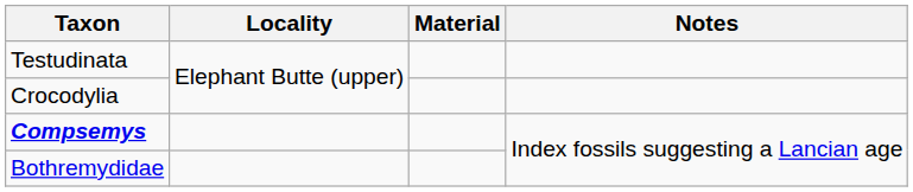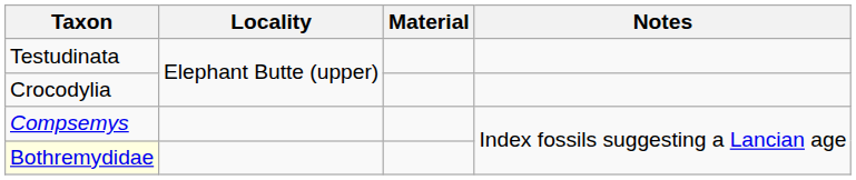 <table class="wikitable">
 <tr>
 <th>Taxon</th>
 <th>Locality</th>
 <th>Material</th>
 <th>Notes</th>
 </tr>
 <tr>
 <td>Testudinata</td>
 <td rowspan="2">Elephant Butte (upper)</td>
 <td></td>
 <td></td>
 </tr>
 <tr>
 <td>Crocodylia</td>
 <td></td>
 <td></td>
 </tr>
 <tr>
-<td><strong><em><a href='#'>Compsemys</a></em></strong></td>
+<td><em><a href='#'>Compsemys</a></em></td>
 <td></td>
 <td></td>
 <td rowspan="2">Index fossils suggesting a <a href='#'>Lancian</a> age</td>
 </tr>
 <tr>
-<td><a href='#'>Bothremydidae</a></td>
+<td style="background: lightyellow;"><a href='#'>Bothremydidae</a></td>
 <td></td>
 <td></td>
 </tr>
 </table>
